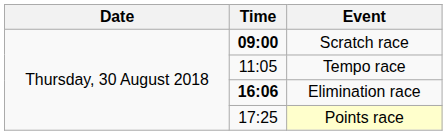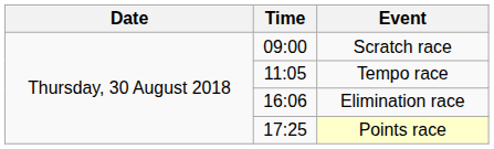 <table class = "wikitable" style="text-align:center;">
 <tr>
 <th width=220>Date</th>
 <th width=50>Time</th>
 <th width=150>Event</th>
 </tr>
 <tr>
 <td rowspan=4>Thursday, 30 August 2018</td>
-<td><strong>09:00</strong></td>
+<td>09:00</td>
 <td>Scratch race</td>
 </tr>
 <tr>
 <td>11:05</td>
 <td>Tempo race</td>
 </tr>
 <tr>
-<td><strong>16:06</strong></td>
+<td>16:06</td>
 <td>Elimination race</td>
 </tr>
 <tr>
 <td>17:25</td>
 <td bgcolor=ffffcc>Points race</td>
 </tr>
 </table>
